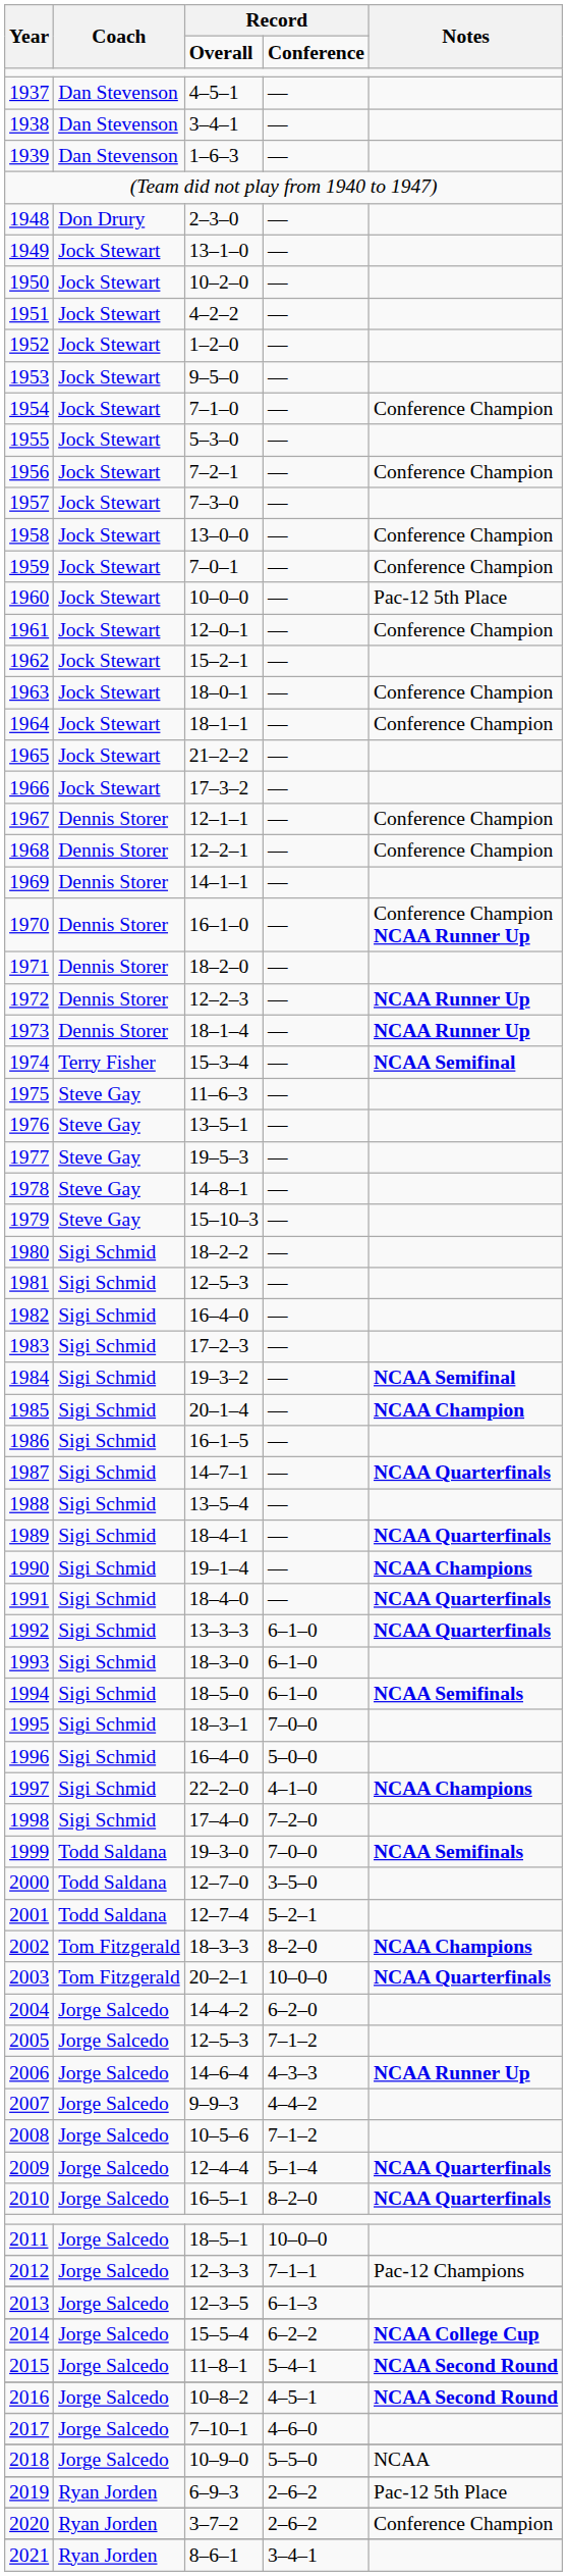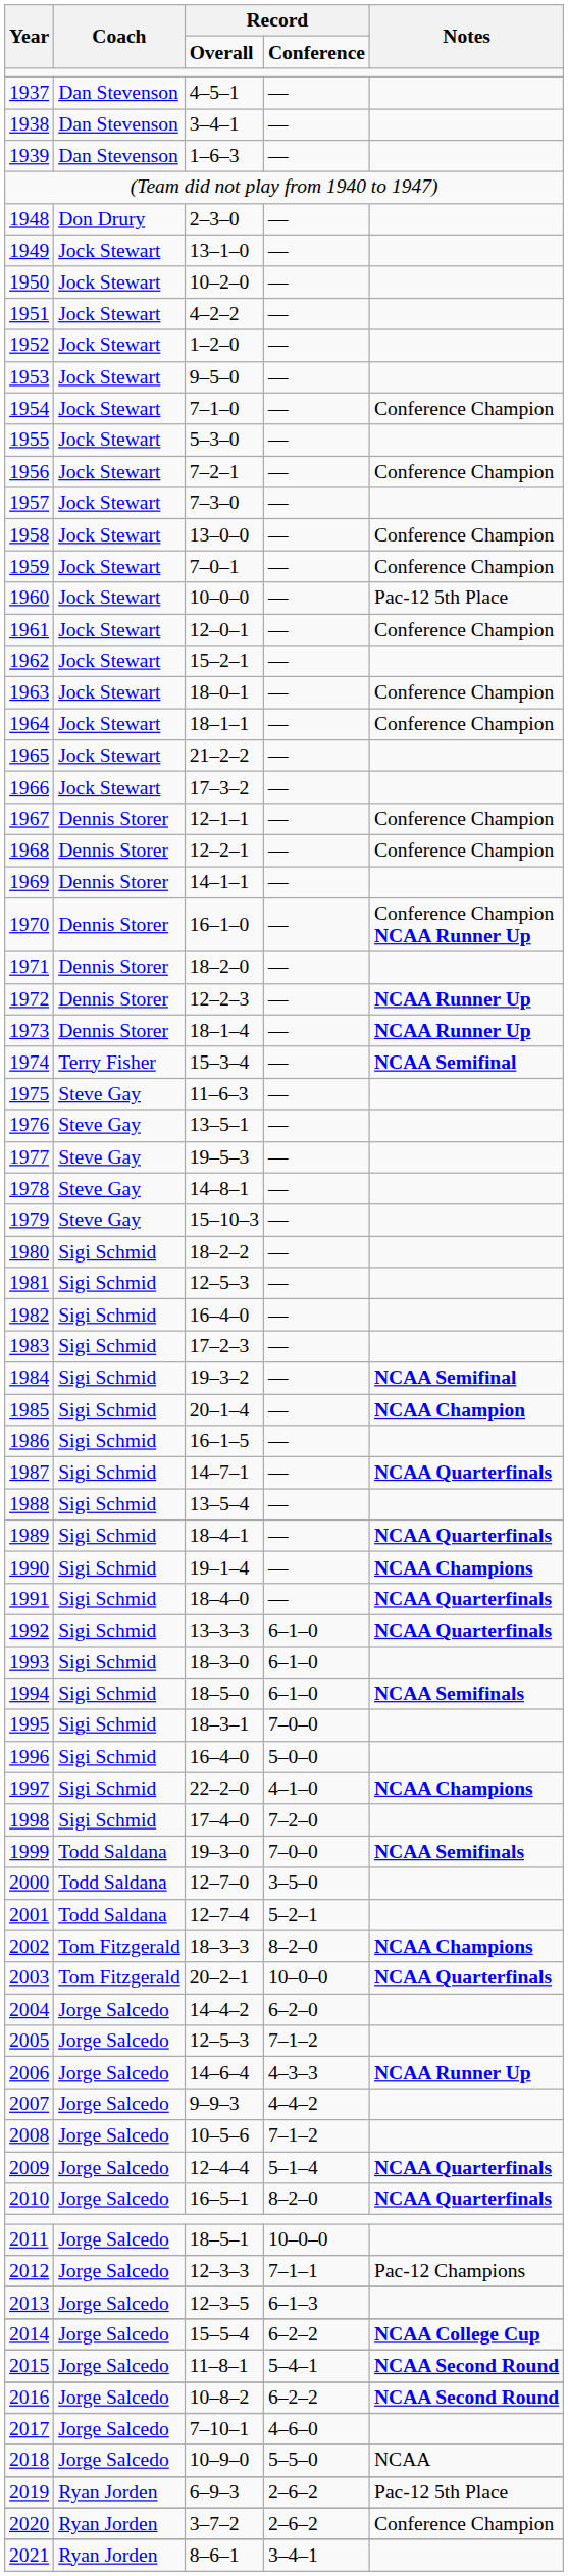 <table class="wikitable">
 <tr>
 <th rowspan="2" width=px>Year</th>
 <th rowspan="2" width=px>Coach</th>
 <th colspan="2" width=px>Record</th>
 <th rowspan="2" width=px>Notes</th>
 </tr>
 <tr>
 <td><strong>Overall</strong></td>
 <td><strong>Conference</strong></td>
 </tr>
 <tr>
 <td colspan=5></td>
 </tr>
 <tr>
 <td><a href='#'>1937</a></td>
 <td><a href='#'>Dan Stevenson</a></td>
 <td>4–5–1</td>
 <td>—</td>
 <td></td>
 </tr>
 <tr>
 <td><a href='#'>1938</a></td>
 <td><a href='#'>Dan Stevenson</a></td>
 <td>3–4–1</td>
 <td>—</td>
 <td></td>
 </tr>
 <tr>
 <td><a href='#'>1939</a></td>
 <td><a href='#'>Dan Stevenson</a></td>
 <td>1–6–3</td>
 <td>—</td>
 <td></td>
 </tr>
 <tr>
 <td colspan="5" style="text-align:center"><em>(Team did not play from 1940 to 1947)</em></td>
 </tr>
 <tr>
 <td><a href='#'>1948</a></td>
 <td><a href='#'>Don Drury</a></td>
 <td>2–3–0</td>
 <td>—</td>
 <td></td>
 </tr>
 <tr>
 <td><a href='#'>1949</a></td>
 <td><a href='#'>Jock Stewart</a></td>
 <td>13–1–0</td>
 <td>—</td>
 <td></td>
 </tr>
 <tr>
 <td><a href='#'>1950</a></td>
 <td><a href='#'>Jock Stewart</a></td>
 <td>10–2–0</td>
 <td>—</td>
 <td></td>
 </tr>
 <tr>
 <td><a href='#'>1951</a></td>
 <td><a href='#'>Jock Stewart</a></td>
 <td>4–2–2</td>
 <td>—</td>
 <td></td>
 </tr>
 <tr>
 <td><a href='#'>1952</a></td>
 <td><a href='#'>Jock Stewart</a></td>
 <td>1–2–0</td>
 <td>—</td>
 <td></td>
 </tr>
 <tr>
 <td><a href='#'>1953</a></td>
 <td><a href='#'>Jock Stewart</a></td>
 <td>9–5–0</td>
 <td>—</td>
 <td></td>
 </tr>
 <tr>
 <td><a href='#'>1954</a></td>
 <td><a href='#'>Jock Stewart</a></td>
 <td>7–1–0</td>
 <td>—</td>
 <td>Conference Champion</td>
 </tr>
 <tr>
 <td><a href='#'>1955</a></td>
 <td><a href='#'>Jock Stewart</a></td>
 <td>5–3–0</td>
 <td>—</td>
 <td></td>
 </tr>
 <tr>
 <td><a href='#'>1956</a></td>
 <td><a href='#'>Jock Stewart</a></td>
 <td>7–2–1</td>
 <td>—</td>
 <td>Conference Champion</td>
 </tr>
 <tr>
 <td><a href='#'>1957</a></td>
 <td><a href='#'>Jock Stewart</a></td>
 <td>7–3–0</td>
 <td>—</td>
 <td></td>
 </tr>
 <tr>
 <td><a href='#'>1958</a></td>
 <td><a href='#'>Jock Stewart</a></td>
 <td>13–0–0</td>
 <td>—</td>
 <td>Conference Champion</td>
 </tr>
 <tr>
 <td><a href='#'>1959</a></td>
 <td><a href='#'>Jock Stewart</a></td>
 <td>7–0–1</td>
 <td>—</td>
 <td>Conference Champion</td>
 </tr>
 <tr>
 <td><a href='#'>1960</a></td>
 <td><a href='#'>Jock Stewart</a></td>
 <td>10–0–0</td>
 <td>—</td>
 <td>Pac-12 5th Place</td>
 </tr>
 <tr>
 <td><a href='#'>1961</a></td>
 <td><a href='#'>Jock Stewart</a></td>
 <td>12–0–1</td>
 <td>—</td>
 <td>Conference Champion</td>
 </tr>
 <tr>
 <td><a href='#'>1962</a></td>
 <td><a href='#'>Jock Stewart</a></td>
 <td>15–2–1</td>
 <td>—</td>
 <td></td>
 </tr>
 <tr>
 <td><a href='#'>1963</a></td>
 <td><a href='#'>Jock Stewart</a></td>
 <td>18–0–1</td>
 <td>—</td>
 <td>Conference Champion</td>
 </tr>
 <tr>
 <td><a href='#'>1964</a></td>
 <td><a href='#'>Jock Stewart</a></td>
 <td>18–1–1</td>
 <td>—</td>
 <td>Conference Champion</td>
 </tr>
 <tr>
 <td><a href='#'>1965</a></td>
 <td><a href='#'>Jock Stewart</a></td>
 <td>21–2–2</td>
 <td>—</td>
 <td></td>
 </tr>
 <tr>
 <td><a href='#'>1966</a></td>
 <td><a href='#'>Jock Stewart</a></td>
 <td>17–3–2</td>
 <td>—</td>
 <td></td>
 </tr>
 <tr>
 <td><a href='#'>1967</a></td>
 <td><a href='#'>Dennis Storer</a></td>
 <td>12–1–1</td>
 <td>—</td>
 <td>Conference Champion</td>
 </tr>
 <tr>
 <td><a href='#'>1968</a></td>
 <td><a href='#'>Dennis Storer</a></td>
 <td>12–2–1</td>
 <td>—</td>
 <td>Conference Champion</td>
 </tr>
 <tr>
 <td><a href='#'>1969</a></td>
 <td><a href='#'>Dennis Storer</a></td>
 <td>14–1–1</td>
 <td>—</td>
 <td></td>
 </tr>
 <tr>
 <td><a href='#'>1970</a></td>
 <td><a href='#'>Dennis Storer</a></td>
 <td>16–1–0</td>
 <td>—</td>
 <td>Conference Champion<br><strong><a href='#'>NCAA Runner Up</a></strong></td>
 </tr>
 <tr>
 <td><a href='#'>1971</a></td>
 <td><a href='#'>Dennis Storer</a></td>
 <td>18–2–0</td>
 <td>—</td>
 <td></td>
 </tr>
 <tr>
 <td><a href='#'>1972</a></td>
 <td><a href='#'>Dennis Storer</a></td>
 <td>12–2–3</td>
 <td>—</td>
 <td><strong><a href='#'>NCAA Runner Up</a></strong></td>
 </tr>
 <tr>
 <td><a href='#'>1973</a></td>
 <td><a href='#'>Dennis Storer</a></td>
 <td>18–1–4</td>
 <td>—</td>
 <td><strong><a href='#'>NCAA Runner Up</a></strong></td>
 </tr>
 <tr>
 <td><a href='#'>1974</a></td>
 <td><a href='#'>Terry Fisher</a></td>
 <td>15–3–4</td>
 <td>—</td>
 <td><strong><a href='#'>NCAA Semifinal</a></strong></td>
 </tr>
 <tr>
 <td><a href='#'>1975</a></td>
 <td><a href='#'>Steve Gay</a></td>
 <td>11–6–3</td>
 <td>—</td>
 <td></td>
 </tr>
 <tr>
 <td><a href='#'>1976</a></td>
 <td><a href='#'>Steve Gay</a></td>
 <td>13–5–1</td>
 <td>—</td>
 <td></td>
 </tr>
 <tr>
 <td><a href='#'>1977</a></td>
 <td><a href='#'>Steve Gay</a></td>
 <td>19–5–3</td>
 <td>—</td>
 <td></td>
 </tr>
 <tr>
 <td><a href='#'>1978</a></td>
 <td><a href='#'>Steve Gay</a></td>
 <td>14–8–1</td>
 <td>—</td>
 <td></td>
 </tr>
 <tr>
 <td><a href='#'>1979</a></td>
 <td><a href='#'>Steve Gay</a></td>
 <td>15–10–3</td>
 <td>—</td>
 <td></td>
 </tr>
 <tr>
 <td><a href='#'>1980</a></td>
 <td><a href='#'>Sigi Schmid</a></td>
 <td>18–2–2</td>
 <td>—</td>
 <td></td>
 </tr>
 <tr>
 <td><a href='#'>1981</a></td>
 <td><a href='#'>Sigi Schmid</a></td>
 <td>12–5–3</td>
 <td>—</td>
 <td></td>
 </tr>
 <tr>
 <td><a href='#'>1982</a></td>
 <td><a href='#'>Sigi Schmid</a></td>
 <td>16–4–0</td>
 <td>—</td>
 <td></td>
 </tr>
 <tr>
 <td><a href='#'>1983</a></td>
 <td><a href='#'>Sigi Schmid</a></td>
 <td>17–2–3</td>
 <td>—</td>
 <td></td>
 </tr>
 <tr>
 <td><a href='#'>1984</a></td>
 <td><a href='#'>Sigi Schmid</a></td>
 <td>19–3–2</td>
 <td>—</td>
 <td><strong><a href='#'>NCAA Semifinal</a></strong></td>
 </tr>
 <tr>
 <td><a href='#'>1985</a></td>
 <td><a href='#'>Sigi Schmid</a></td>
 <td>20–1–4</td>
 <td>—</td>
 <td><strong><a href='#'>NCAA Champion</a></strong></td>
 </tr>
 <tr>
 <td><a href='#'>1986</a></td>
 <td><a href='#'>Sigi Schmid</a></td>
 <td>16–1–5</td>
 <td>—</td>
 <td></td>
 </tr>
 <tr>
 <td><a href='#'>1987</a></td>
 <td><a href='#'>Sigi Schmid</a></td>
 <td>14–7–1</td>
 <td>—</td>
 <td><strong><a href='#'>NCAA Quarterfinals</a></strong></td>
 </tr>
 <tr>
 <td><a href='#'>1988</a></td>
 <td><a href='#'>Sigi Schmid</a></td>
 <td>13–5–4</td>
 <td>—</td>
 <td></td>
 </tr>
 <tr>
 <td><a href='#'>1989</a></td>
 <td><a href='#'>Sigi Schmid</a></td>
 <td>18–4–1</td>
 <td>—</td>
 <td><strong><a href='#'>NCAA Quarterfinals</a></strong></td>
 </tr>
 <tr>
 <td><a href='#'>1990</a></td>
 <td><a href='#'>Sigi Schmid</a></td>
 <td>19–1–4</td>
 <td>—</td>
 <td><strong><a href='#'>NCAA Champions</a></strong></td>
 </tr>
 <tr>
 <td><a href='#'>1991</a></td>
 <td><a href='#'>Sigi Schmid</a></td>
 <td>18–4–0</td>
 <td>—</td>
 <td><strong><a href='#'>NCAA Quarterfinals</a></strong></td>
 </tr>
 <tr>
 <td><a href='#'>1992</a></td>
 <td><a href='#'>Sigi Schmid</a></td>
 <td>13–3–3</td>
 <td>6–1–0</td>
 <td><strong><a href='#'>NCAA Quarterfinals</a></strong></td>
 </tr>
 <tr>
 <td><a href='#'>1993</a></td>
 <td><a href='#'>Sigi Schmid</a></td>
 <td>18–3–0</td>
 <td>6–1–0</td>
 <td></td>
 </tr>
 <tr>
 <td><a href='#'>1994</a></td>
 <td><a href='#'>Sigi Schmid</a></td>
 <td>18–5–0</td>
 <td>6–1–0</td>
 <td><strong><a href='#'>NCAA Semifinals</a></strong></td>
 </tr>
 <tr>
 <td><a href='#'>1995</a></td>
 <td><a href='#'>Sigi Schmid</a></td>
 <td>18–3–1</td>
 <td>7–0–0</td>
 <td></td>
 </tr>
 <tr>
 <td><a href='#'>1996</a></td>
 <td><a href='#'>Sigi Schmid</a></td>
 <td>16–4–0</td>
 <td>5–0–0</td>
 <td></td>
 </tr>
 <tr>
 <td><a href='#'>1997</a></td>
 <td><a href='#'>Sigi Schmid</a></td>
 <td>22–2–0</td>
 <td>4–1–0</td>
 <td><strong><a href='#'>NCAA Champions</a></strong></td>
 </tr>
 <tr>
 <td><a href='#'>1998</a></td>
 <td><a href='#'>Sigi Schmid</a></td>
 <td>17–4–0</td>
 <td>7–2–0</td>
 <td></td>
 </tr>
 <tr>
 <td><a href='#'>1999</a></td>
 <td><a href='#'>Todd Saldana</a></td>
 <td>19–3–0</td>
 <td>7–0–0</td>
 <td><strong><a href='#'>NCAA Semifinals</a></strong></td>
 </tr>
 <tr>
 <td><a href='#'>2000</a></td>
 <td><a href='#'>Todd Saldana</a></td>
 <td>12–7–0</td>
 <td>3–5–0</td>
 <td></td>
 </tr>
 <tr>
 <td><a href='#'>2001</a></td>
 <td><a href='#'>Todd Saldana</a></td>
 <td>12–7–4</td>
 <td>5–2–1</td>
 <td></td>
 </tr>
 <tr>
 <td><a href='#'>2002</a></td>
 <td><a href='#'>Tom Fitzgerald</a></td>
 <td>18–3–3</td>
 <td>8–2–0</td>
 <td><strong><a href='#'>NCAA Champions</a></strong></td>
 </tr>
 <tr>
 <td><a href='#'>2003</a></td>
 <td><a href='#'>Tom Fitzgerald</a></td>
 <td>20–2–1</td>
 <td>10–0–0</td>
 <td><strong><a href='#'>NCAA Quarterfinals</a></strong></td>
 </tr>
 <tr>
 <td><a href='#'>2004</a></td>
 <td><a href='#'>Jorge Salcedo</a></td>
 <td>14–4–2</td>
 <td>6–2–0</td>
 <td></td>
 </tr>
 <tr>
 <td><a href='#'>2005</a></td>
 <td><a href='#'>Jorge Salcedo</a></td>
 <td>12–5–3</td>
 <td>7–1–2</td>
 <td></td>
 </tr>
 <tr>
 <td><a href='#'>2006</a></td>
 <td><a href='#'>Jorge Salcedo</a></td>
 <td>14–6–4</td>
 <td>4–3–3</td>
 <td><strong><a href='#'>NCAA Runner Up</a></strong></td>
 </tr>
 <tr>
 <td><a href='#'>2007</a></td>
 <td><a href='#'>Jorge Salcedo</a></td>
 <td>9–9–3</td>
 <td>4–4–2</td>
 <td></td>
 </tr>
 <tr>
 <td><a href='#'>2008</a></td>
 <td><a href='#'>Jorge Salcedo</a></td>
 <td>10–5–6</td>
 <td>7–1–2</td>
 <td></td>
 </tr>
 <tr>
 <td><a href='#'>2009</a></td>
 <td><a href='#'>Jorge Salcedo</a></td>
 <td>12–4–4</td>
 <td>5–1–4</td>
 <td><strong><a href='#'>NCAA Quarterfinals</a></strong></td>
 </tr>
 <tr>
 <td><a href='#'>2010</a></td>
 <td><a href='#'>Jorge Salcedo</a></td>
 <td>16–5–1</td>
 <td>8–2–0</td>
 <td><strong><a href='#'>NCAA Quarterfinals</a></strong></td>
 </tr>
 <tr>
 <td colspan=5></td>
 </tr>
 <tr>
 <td><a href='#'>2011</a></td>
 <td><a href='#'>Jorge Salcedo</a></td>
 <td>18–5–1</td>
 <td>10–0–0</td>
 <td></td>
 </tr>
 <tr style="background: #ffffdd;">
 </tr>
 <tr>
 <td><a href='#'>2012</a></td>
 <td><a href='#'>Jorge Salcedo</a></td>
 <td>12–3–3</td>
 <td>7–1–1</td>
 <td>Pac-12 Champions</td>
 </tr>
 <tr style="background: #ffffdd;"'s Division I Soccer Championship|NCAA Quarterfinals]]>
 </tr>
 <tr style="background: #ffffdd;">
 </tr>
 <tr>
 <td><a href='#'>2013</a></td>
 <td><a href='#'>Jorge Salcedo</a></td>
 <td>12–3–5</td>
 <td>6–1–3</td>
 <td></td>
 </tr>
 <tr style="background: #ffffdd;">
 </tr>
 <tr>
 <td><a href='#'>2014</a></td>
 <td><a href='#'>Jorge Salcedo</a></td>
 <td>15–5–4</td>
 <td>6–2–2</td>
 <td><strong><a href='#'>NCAA College Cup</a></strong></td>
 </tr>
 <tr style="background: #ffffdd;">
 </tr>
 <tr>
 <td><a href='#'>2015</a></td>
 <td><a href='#'>Jorge Salcedo</a></td>
 <td>11–8–1</td>
 <td>5–4–1</td>
 <td><strong><a href='#'>NCAA Second Round</a></strong></td>
 </tr>
 <tr style="background: #ffffdd;">
 </tr>
 <tr>
 <td><a href='#'>2016</a></td>
 <td><a href='#'>Jorge Salcedo</a></td>
 <td>10–8–2</td>
-<td>4–5–1</td>
+<td>6–2–2</td>
 <td><strong><a href='#'>NCAA Second Round</a></strong></td>
 </tr>
 <tr style="background: #ffffdd;">
 </tr>
 <tr>
 <td><a href='#'>2017</a></td>
 <td><a href='#'>Jorge Salcedo</a></td>
 <td>7–10–1</td>
 <td>4–6–0</td>
 <td></td>
 </tr>
 <tr style="background: #ffffdd;">
 </tr>
 <tr>
 <td><a href='#'>2018</a></td>
 <td><a href='#'>Jorge Salcedo</a></td>
 <td>10–9–0</td>
 <td>5–5–0</td>
 <td>NCAA</td>
 </tr>
 <tr style="background: #ffffdd;">
 </tr>
 <tr>
 <td><a href='#'>2019</a></td>
 <td><a href='#'>Ryan Jorden</a></td>
 <td>6–9–3</td>
 <td>2–6–2</td>
 <td>Pac-12 5th Place</td>
 </tr>
 <tr style="background: #ffffdd;">
 </tr>
 <tr>
 <td><a href='#'>2020</a></td>
 <td><a href='#'>Ryan Jorden</a></td>
 <td>3–7–2</td>
 <td>2–6–2</td>
 <td>Conference Champion</td>
 </tr>
 <tr style="background: #ffffdd;">
 </tr>
 <tr>
 <td><a href='#'>2021</a></td>
 <td><a href='#'>Ryan Jorden</a></td>
 <td>8–6–1</td>
 <td>3–4–1</td>
 <td></td>
 </tr>
 <tr style="background: #ffffdd;">
 </tr>
 </table>
